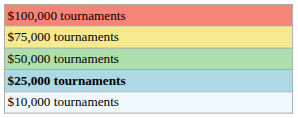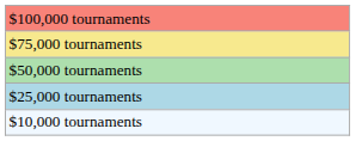 <table class="wikitable" style="font-size:85%;" width=15%>
 <tr style="background:#f88379;">
 <td>$100,000 tournaments</td>
 </tr>
 <tr style="background:#f7e98e;">
 <td>$75,000 tournaments</td>
 </tr>
 <tr style="background:#addfad;">
 <td>$50,000 tournaments</td>
 </tr>
 <tr style="background:lightblue;">
-<td><strong>$25,000 tournaments</strong></td>
+<td>$25,000 tournaments</td>
 </tr>
 <tr style="background:#f0f8ff;">
 <td>$10,000 tournaments</td>
 </tr>
 </table>
